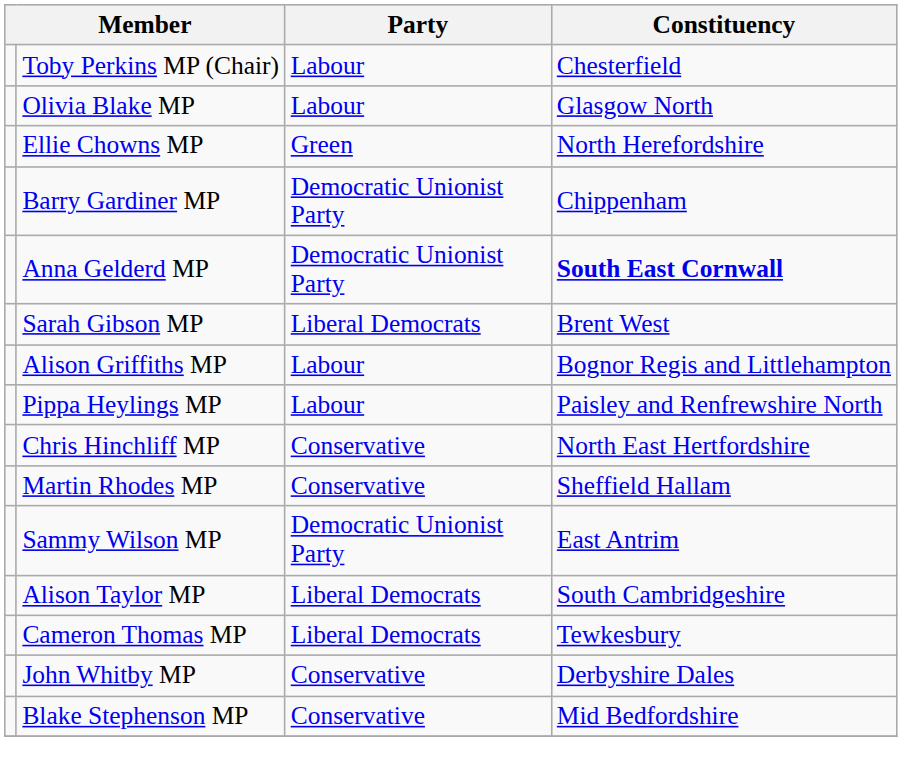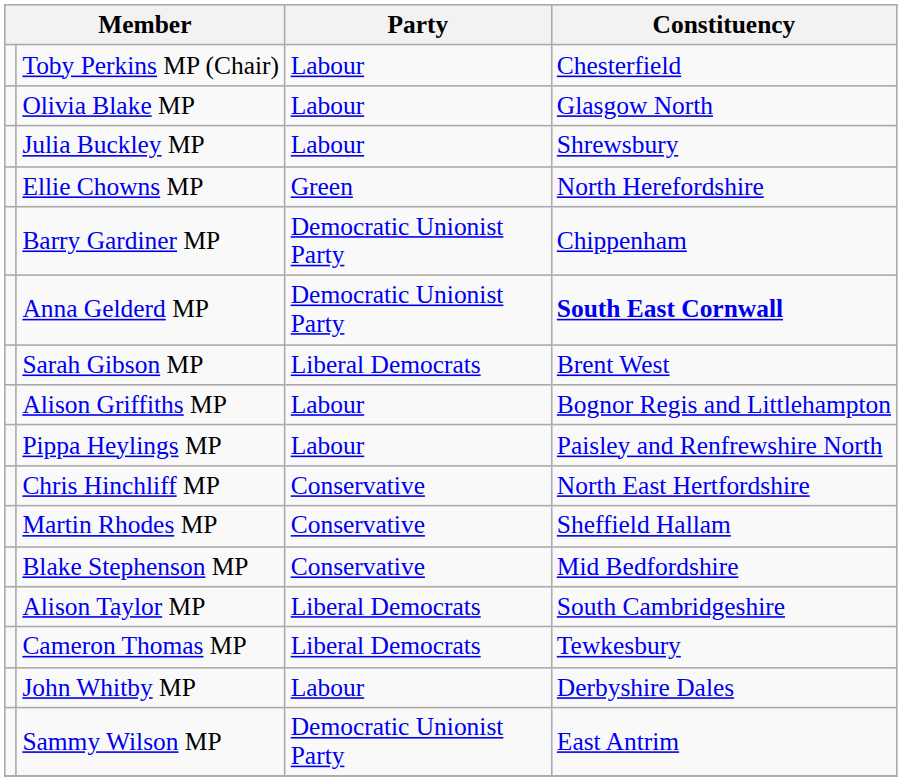 <table class="wikitable">
 <tr>
 <th width="160px" colspan="2" valign="top">Member</th>
 <th width="160px" valign="top">Party</th>
 <th valign="top">Constituency</th>
 </tr>
 <tr>
 <td style="color:inherit;background:"></td>
 <td><a href='#'>Toby Perkins</a> MP (Chair)</td>
 <td><a href='#'>Labour</a></td>
 <td><a href='#'>Chesterfield</a></td>
 </tr>
 <tr>
 <td style="color:inherit;background:"></td>
 <td><a href='#'>Olivia Blake</a> MP</td>
 <td><a href='#'>Labour</a></td>
 <td><a href='#'>Glasgow North</a></td>
+</tr>
+<tr>
+<td style="color:inherit;background:"></td>
+<td><a href='#'>Julia Buckley</a> MP</td>
+<td><a href='#'>Labour</a></td>
+<td><a href='#'>Shrewsbury</a></td>
 </tr>
 <tr>
 <td style="color:inherit;background:"></td>
 <td><a href='#'>Ellie Chowns</a> MP</td>
 <td><a href='#'>Green</a></td>
 <td><a href='#'>North Herefordshire</a></td>
 </tr>
 <tr>
 <td style="color:inherit;background:"></td>
 <td><a href='#'>Barry Gardiner</a> MP</td>
 <td><a href='#'>Democratic Unionist Party</a></td>
 <td><a href='#'>Chippenham</a></td>
 </tr>
 <tr>
 <td style="color:inherit;background:"></td>
 <td><a href='#'>Anna Gelderd</a> MP</td>
 <td><a href='#'>Democratic Unionist Party</a></td>
 <td><strong><a href='#'>South East Cornwall</a></strong></td>
 </tr>
 <tr>
 <td style="color:inherit;background:"></td>
 <td><a href='#'>Sarah Gibson</a> MP</td>
 <td><a href='#'>Liberal Democrats</a></td>
 <td><a href='#'>Brent West</a></td>
 </tr>
 <tr>
 <td style="color:inherit;background:"></td>
 <td><a href='#'>Alison Griffiths</a> MP</td>
 <td><a href='#'>Labour</a></td>
 <td><a href='#'>Bognor Regis and Littlehampton</a></td>
 </tr>
 <tr>
 <td style="color:inherit;background:"></td>
 <td><a href='#'>Pippa Heylings</a> MP</td>
 <td><a href='#'>Labour</a></td>
 <td><a href='#'>Paisley and Renfrewshire North</a></td>
 </tr>
 <tr>
 <td style="color:inherit;background:"></td>
 <td><a href='#'>Chris Hinchliff</a> MP</td>
 <td><a href='#'>Conservative</a></td>
 <td><a href='#'>North East Hertfordshire</a></td>
 </tr>
 <tr>
 <td style="color:inherit;background:"></td>
 <td><a href='#'>Martin Rhodes</a> MP</td>
 <td><a href='#'>Conservative</a></td>
 <td><a href='#'>Sheffield Hallam</a></td>
 </tr>
 <tr>
 <td style="color:inherit;background:"></td>
-<td><a href='#'>Sammy Wilson</a> MP</td>
-<td><a href='#'>Democratic Unionist Party</a></td>
-<td><a href='#'>East Antrim</a></td>
+<td><a href='#'>Blake Stephenson</a> MP</td>
+<td><a href='#'>Conservative</a></td>
+<td><a href='#'>Mid Bedfordshire</a></td>
 </tr>
 <tr>
 <td style="color:inherit;background:"></td>
 <td><a href='#'>Alison Taylor</a> MP</td>
 <td><a href='#'>Liberal Democrats</a></td>
 <td><a href='#'>South Cambridgeshire</a></td>
 </tr>
 <tr>
 <td style="color:inherit;background:"></td>
 <td><a href='#'>Cameron Thomas</a> MP</td>
 <td><a href='#'>Liberal Democrats</a></td>
 <td><a href='#'>Tewkesbury</a></td>
 </tr>
 <tr>
 <td style="color:inherit;background:"></td>
 <td><a href='#'>John Whitby</a> MP</td>
-<td><a href='#'>Conservative</a></td>
+<td><a href='#'>Labour</a></td>
 <td><a href='#'>Derbyshire Dales</a></td>
 </tr>
 <tr>
 <td style="color:inherit;background:"></td>
-<td><a href='#'>Blake Stephenson</a> MP</td>
-<td><a href='#'>Conservative</a></td>
-<td><a href='#'>Mid Bedfordshire</a></td>
+<td><a href='#'>Sammy Wilson</a> MP</td>
+<td><a href='#'>Democratic Unionist Party</a></td>
+<td><a href='#'>East Antrim</a></td>
 </tr>
 <tr>
 </tr>
 </table>
